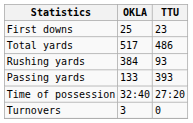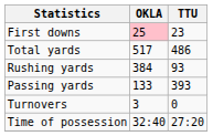 <table class="wikitable" style="float: left;">
 <tr>
 <th>Statistics</th>
 <th>OKLA</th>
 <th>TTU</th>
 </tr>
 <tr>
 <td>First downs</td>
-<td>25</td>
+<td style="background: pink;">25</td>
 <td>23</td>
 </tr>
 <tr>
 <td>Total yards</td>
 <td>517</td>
 <td>486</td>
 </tr>
 <tr>
 <td>Rushing yards</td>
 <td>384</td>
 <td>93</td>
 </tr>
 <tr>
 <td>Passing yards</td>
 <td>133</td>
 <td>393</td>
 </tr>
 <tr>
+<td>Turnovers</td>
+<td>3</td>
+<td>0</td>
+</tr>
+<tr>
 <td>Time of possession</td>
 <td>32:40</td>
 <td>27:20</td>
 </tr>
 <tr>
-<td>Turnovers</td>
-<td>3</td>
-<td>0</td>
-</tr>
-<tr>
 </tr>
 </table>
